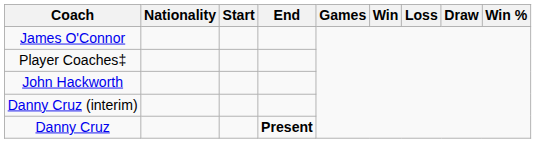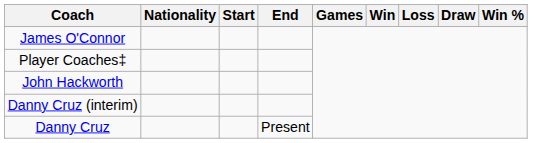 <table style="text-align:center; margin-left: lem; font-size:100%;" class="wikitable sortable">
 <tr>
 <th>Coach</th>
 <th>Nationality</th>
 <th>Start</th>
 <th>End</th>
 <th>Games</th>
 <th>Win</th>
 <th>Loss</th>
 <th>Draw</th>
 <th>Win %</th>
 </tr>
 <tr>
 <td><a href='#'>James O'Connor</a></td>
 <td></td>
 <td></td>
 <td><br></td>
 </tr>
 <tr>
 <td>Player Coaches‡</td>
 <td></td>
 <td></td>
 <td><br></td>
 </tr>
 <tr>
 <td><a href='#'>John Hackworth</a></td>
 <td></td>
 <td></td>
 <td><br></td>
 </tr>
 <tr>
 <td><a href='#'>Danny Cruz</a> (interim)</td>
 <td></td>
 <td></td>
 <td><br></td>
 </tr>
 <tr>
 <td><a href='#'>Danny Cruz</a></td>
 <td></td>
 <td></td>
-<td><strong>Present<br></strong></td>
+<td>Present<br></td>
 </tr>
 </table>
